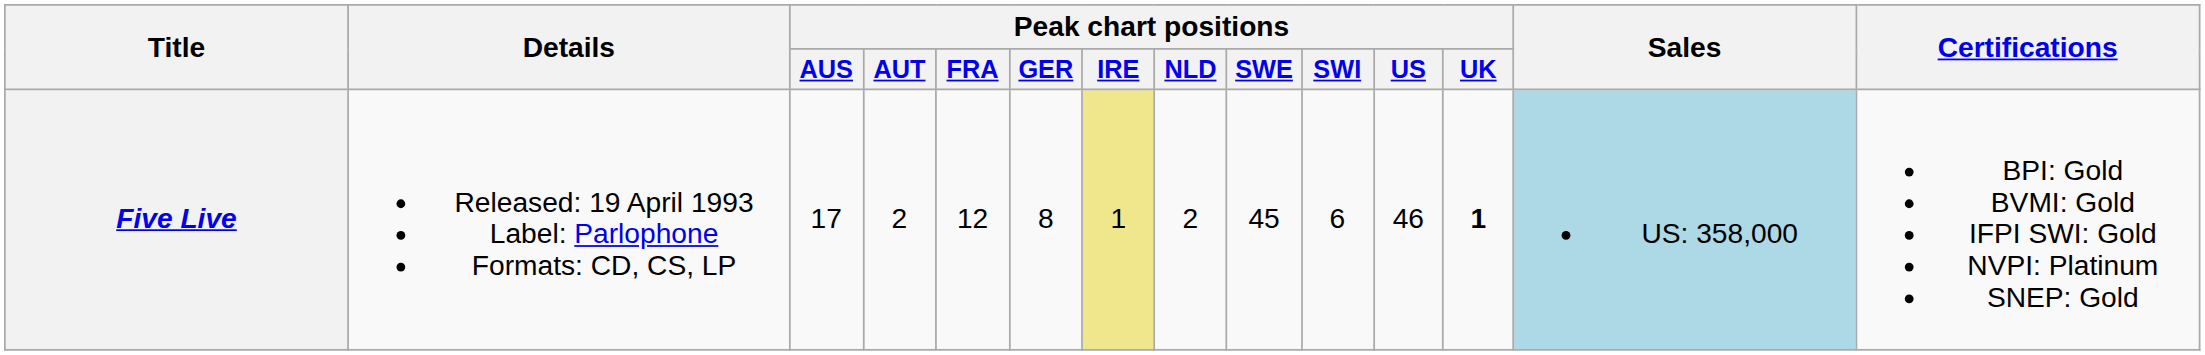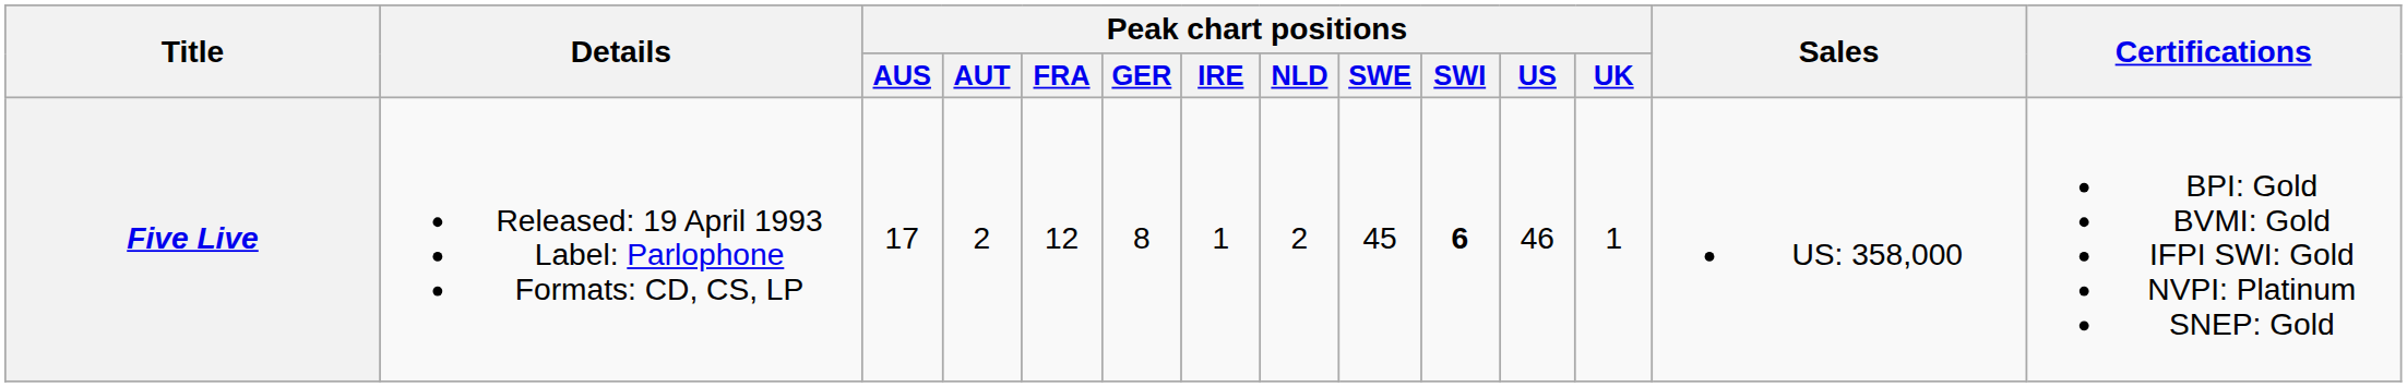 <table class="wikitable plainrowheaders" style="text-align:center;">
 <tr>
 <th scope="col" rowspan="2" style="width:14em;">Title</th>
 <th scope="col" rowspan="2" style="width:17em;">Details</th>
 <th scope="col" colspan="10">Peak chart positions</th>
 <th scope="col" rowspan="2" style="width:13em;">Sales</th>
 <th scope="col" rowspan="2" style="width:13em;"><a href='#'>Certifications</a></th>
 </tr>
 <tr>
 <th scope="col" style="width:2.5em;font-size:90%;"><a href='#'>AUS</a><br></th>
 <th scope="col" style="width:2.5em;font-size:90%;"><a href='#'>AUT</a><br></th>
 <th scope="col" style="width:2.5em;font-size:90%;"><a href='#'>FRA</a><br></th>
 <th scope="col" style="width:2.5em;font-size:90%;"><a href='#'>GER</a><br></th>
 <th scope="col" style="width:2.5em;font-size:90%;"><a href='#'>IRE</a><br></th>
 <th scope="col" style="width:2.5em;font-size:90%;"><a href='#'>NLD</a><br></th>
 <th scope="col" style="width:2.5em;font-size:90%;"><a href='#'>SWE</a><br></th>
 <th scope="col" style="width:2.5em;font-size:90%;"><a href='#'>SWI</a><br></th>
 <th scope="col" style="width:2.5em;font-size:90%;"><a href='#'>US</a><br></th>
 <th scope="col" style="width:2.5em;font-size:90%;"><a href='#'>UK</a><br></th>
 </tr>
 <tr>
 <th scope="row"><em><a href='#'>Five Live</a></em><br></th>
 <td><br><ul><li>Released: 19 April 1993</li><li>Label: <a href='#'>Parlophone</a> </li><li>Formats: CD, CS, LP</li></ul></td>
 <td>17</td>
 <td>2</td>
 <td>12</td>
 <td>8</td>
-<td style="background: khaki;">1</td>
+<td>1</td>
 <td>2</td>
 <td>45</td>
-<td>6</td>
+<td><strong>6</strong></td>
 <td>46</td>
-<td><strong>1</strong></td>
-<td style="background: lightblue;"><br><ul><li>US: 358,000</li></ul></td>
+<td>1</td>
+<td><br><ul><li>US: 358,000</li></ul></td>
 <td><br><ul><li>BPI: Gold</li><li>BVMI: Gold</li><li>IFPI SWI: Gold</li><li>NVPI: Platinum</li><li>SNEP: Gold</li></ul></td>
 </tr>
 </table>
